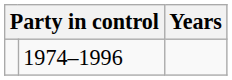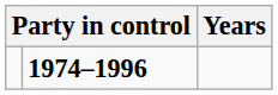 <table class="wikitable">
 <tr>
 <th colspan="2">Party in control</th>
 <th>Years</th>
 </tr>
 <tr>
 <td></td>
-<td>1974–1996</td>
+<td><strong>1974–1996</strong></td>
 </tr>
 </table>
